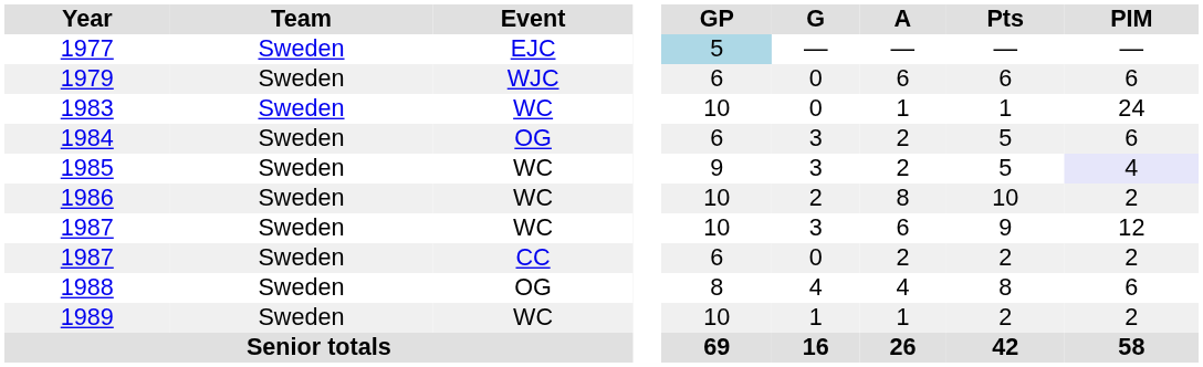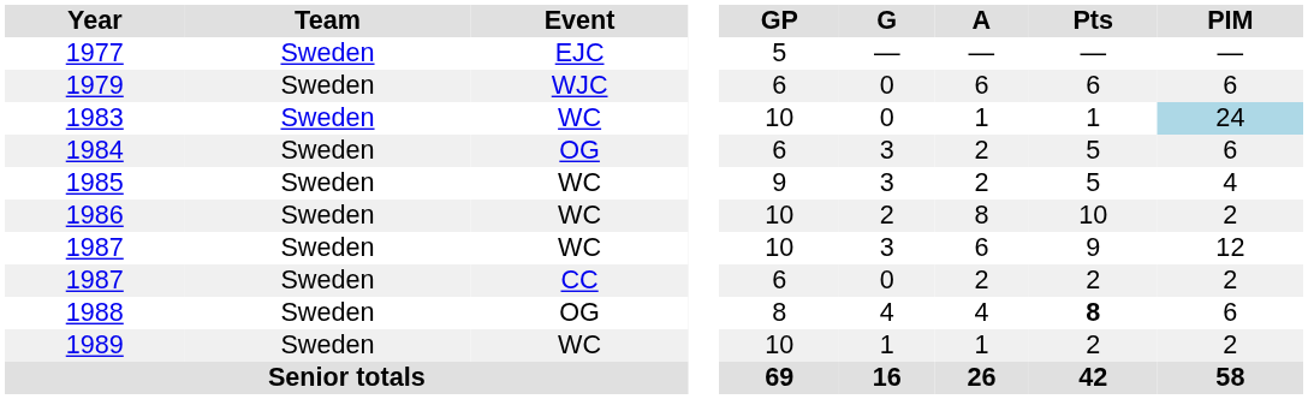 <table border="0" cellpadding="1" cellspacing="0" style="text-align:center; width:50em">
 <tr ALIGN="center" bgcolor="#e0e0e0">
 <th>Year</th>
 <th>Team</th>
 <th>Event</th>
 <th rowspan="99" bgcolor="#ffffff"> </th>
 <th>GP</th>
 <th>G</th>
 <th>A</th>
 <th>Pts</th>
 <th>PIM</th>
 </tr>
 <tr>
 <td><a href='#'>1977</a></td>
 <td><a href='#'>Sweden</a></td>
 <td><a href='#'>EJC</a></td>
-<td style="background: lightblue;">5</td>
+<td>5</td>
 <td>—</td>
 <td>—</td>
 <td>—</td>
 <td>—</td>
 </tr>
 <tr bgcolor="#f0f0f0">
 <td><a href='#'>1979</a></td>
 <td>Sweden</td>
 <td><a href='#'>WJC</a></td>
 <td>6</td>
 <td>0</td>
 <td>6</td>
 <td>6</td>
 <td>6</td>
 </tr>
 <tr>
 <td><a href='#'>1983</a></td>
 <td><a href='#'>Sweden</a></td>
 <td><a href='#'>WC</a></td>
 <td>10</td>
 <td>0</td>
 <td>1</td>
 <td>1</td>
-<td>24</td>
+<td style="background: lightblue;">24</td>
 </tr>
 <tr bgcolor="#f0f0f0">
 <td><a href='#'>1984</a></td>
 <td>Sweden</td>
 <td><a href='#'>OG</a></td>
 <td>6</td>
 <td>3</td>
 <td>2</td>
 <td>5</td>
 <td>6</td>
 </tr>
 <tr>
 <td><a href='#'>1985</a></td>
 <td>Sweden</td>
 <td>WC</td>
 <td>9</td>
 <td>3</td>
 <td>2</td>
 <td>5</td>
-<td style="background: lavender;">4</td>
+<td>4</td>
 </tr>
 <tr bgcolor="#f0f0f0">
 <td><a href='#'>1986</a></td>
 <td>Sweden</td>
 <td>WC</td>
 <td>10</td>
 <td>2</td>
 <td>8</td>
 <td>10</td>
 <td>2</td>
 </tr>
 <tr>
 <td><a href='#'>1987</a></td>
 <td>Sweden</td>
 <td>WC</td>
 <td>10</td>
 <td>3</td>
 <td>6</td>
 <td>9</td>
 <td>12</td>
 </tr>
 <tr bgcolor="#f0f0f0">
 <td><a href='#'>1987</a></td>
 <td>Sweden</td>
 <td><a href='#'>CC</a></td>
 <td>6</td>
 <td>0</td>
 <td>2</td>
 <td>2</td>
 <td>2</td>
 </tr>
 <tr>
 <td><a href='#'>1988</a></td>
 <td>Sweden</td>
 <td>OG</td>
 <td>8</td>
 <td>4</td>
 <td>4</td>
-<td>8</td>
+<td><strong>8</strong></td>
 <td>6</td>
 </tr>
 <tr bgcolor="#f0f0f0">
 <td><a href='#'>1989</a></td>
 <td>Sweden</td>
 <td>WC</td>
 <td>10</td>
 <td>1</td>
 <td>1</td>
 <td>2</td>
 <td>2</td>
 </tr>
 <tr bgcolor="#e0e0e0">
 <th colspan=3>Senior totals</th>
 <th>69</th>
 <th>16</th>
 <th>26</th>
 <th>42</th>
 <th>58</th>
 </tr>
 </table>
